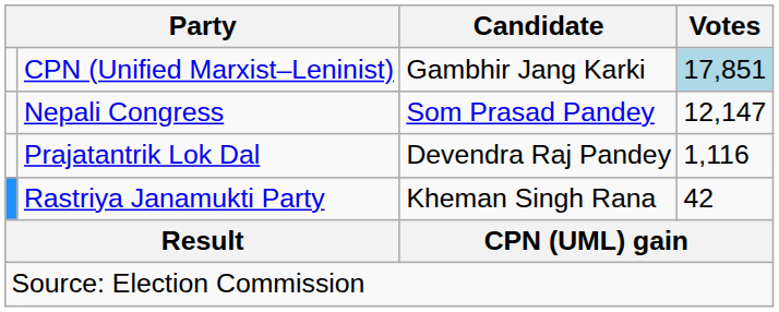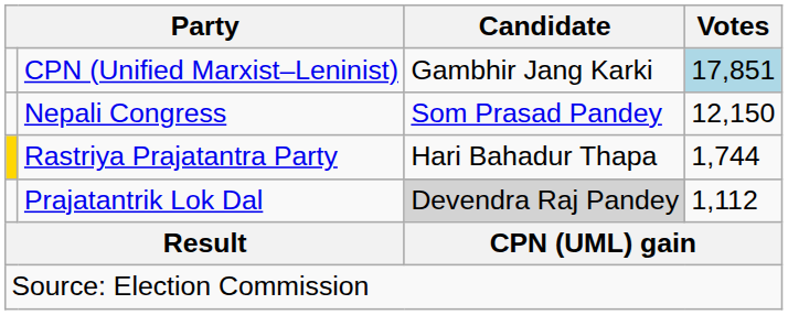 <table class="wikitable">
 <tr>
 <th colspan="2">Party</th>
 <th>Candidate</th>
 <th>Votes</th>
 </tr>
 <tr>
 <td style="background-color:"></td>
 <td><a href='#'>CPN (Unified Marxist–Leninist)</a></td>
 <td>Gambhir Jang Karki</td>
 <td style="background: lightblue;">17,851</td>
 </tr>
 <tr>
 <td style="background-color:"></td>
 <td><a href='#'>Nepali Congress</a></td>
 <td><a href='#'>Som Prasad Pandey</a></td>
-<td>12,147</td>
+<td>12,150</td>
+</tr>
+<tr>
+<td style="background-color:gold"></td>
+<td><a href='#'>Rastriya Prajatantra Party</a></td>
+<td>Hari Bahadur Thapa</td>
+<td>1,744</td>
 </tr>
 <tr>
 <td></td>
 <td><a href='#'>Prajatantrik Lok Dal</a></td>
-<td>Devendra Raj Pandey</td>
-<td>1,116</td>
-</tr>
-<tr>
-<td style="background-color:dodgerblue"></td>
-<td><a href='#'>Rastriya Janamukti Party</a></td>
-<td>Kheman Singh Rana</td>
-<td>42</td>
+<td style="background: lightgrey;">Devendra Raj Pandey</td>
+<td>1,112</td>
 </tr>
 <tr>
 <th colspan="2">Result</th>
 <th colspan="2">CPN (UML) gain</th>
 </tr>
 <tr>
 <td colspan="4">Source: Election Commission</td>
 </tr>
 </table>
